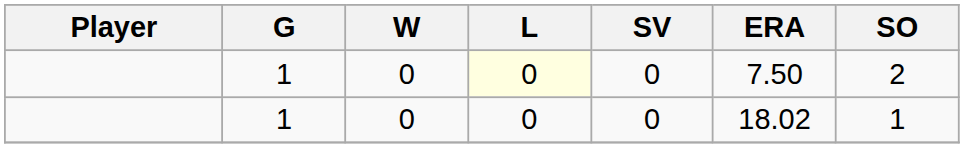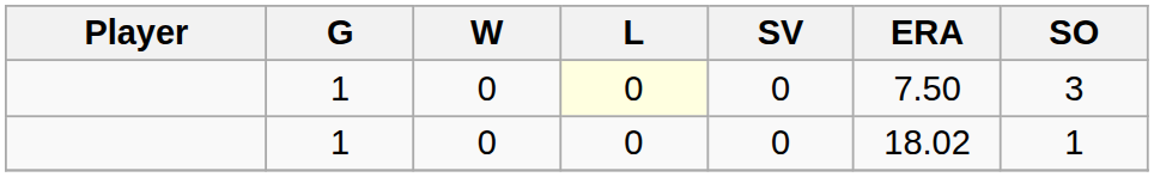 <table class="wikitable sortable">
 <tr>
 <th bgcolor="#DDDDFF" width="16%">Player</th>
 <th bgcolor="#DDDDFF" width="9%">G</th>
 <th bgcolor="#DDDDFF" width="9%">W</th>
 <th bgcolor="#DDDDFF" width="9%">L</th>
 <th bgcolor="#DDDDFF" width="9%">SV</th>
 <th bgcolor="#DDDDFF" width="9%">ERA</th>
 <th bgcolor="#DDDDFF" width="9%">SO</th>
 </tr>
 <tr align="center">
 <td></td>
 <td>1</td>
 <td>0</td>
 <td style="background: lightyellow;">0</td>
 <td>0</td>
 <td>7.50</td>
-<td>2</td>
+<td>3</td>
 </tr>
 <tr align="center">
 <td></td>
 <td>1</td>
 <td>0</td>
 <td>0</td>
 <td>0</td>
 <td>18.02</td>
 <td>1</td>
 </tr>
 <tr align="center">
 </tr>
 </table>
